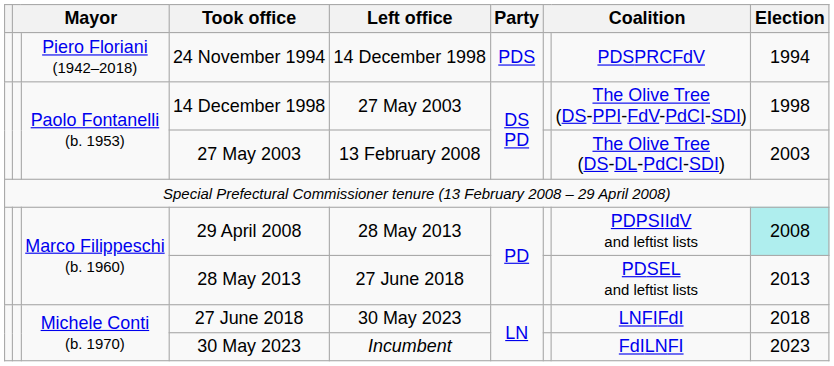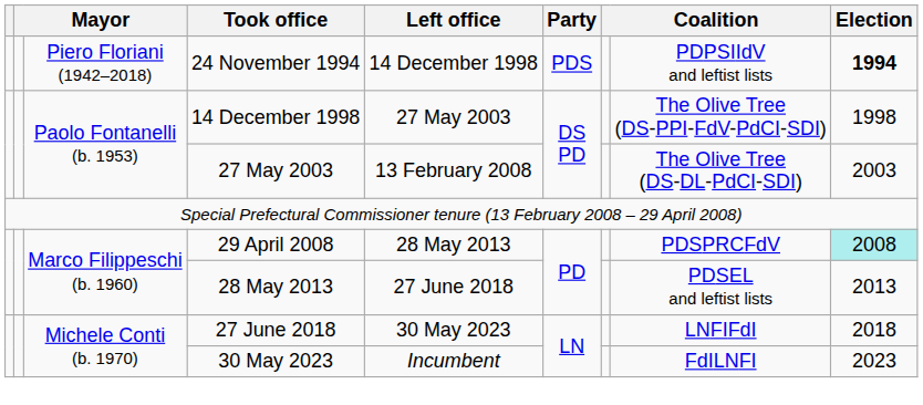 <table class="wikitable" style="text-align: center;">
 <tr>
 <th><br></th>
 <th colspan="2">Mayor</th>
 <th>Took office</th>
 <th>Left office</th>
 <th>Party</th>
 <th colspan="2">Coalition</th>
 <th>Election</th>
 </tr>
 <tr>
 <td style="background: "><strong></strong></td>
 <td></td>
 <td><a href='#'>Piero Floriani</a><br><small>(1942–2018)</small></td>
 <td>24 November 1994</td>
 <td>14 December 1998</td>
 <td><a href='#'>PDS</a></td>
 <td style="background: "></td>
-<td><a href='#'>PDS</a><a href='#'>PRC</a><a href='#'>FdV</a></td>
-<td>1994</td>
+<td><a href='#'>PD</a><a href='#'>PSI</a><a href='#'>IdV</a><br><small>and leftist lists</small></td>
+<td><strong>1994</strong></td>
 </tr>
 <tr>
 <td rowspan="2" style="background: "><strong></strong></td>
 <td rowspan="2"></td>
 <td rowspan="2"><a href='#'>Paolo Fontanelli</a><br><small>(b. 1953)</small></td>
 <td>14 December 1998</td>
 <td>27 May 2003</td>
 <td rowspan="2"><a href='#'>DS</a><br><a href='#'>PD</a></td>
 <td style="background: "></td>
 <td><a href='#'>The Olive Tree</a><br>(<a href='#'>DS</a>-<a href='#'>PPI</a>-<a href='#'>FdV</a>-<a href='#'>PdCI</a>-<a href='#'>SDI</a>)</td>
 <td>1998</td>
 </tr>
 <tr>
 <td>27 May 2003</td>
 <td>13 February 2008</td>
 <td style="background: "></td>
 <td><a href='#'>The Olive Tree</a><br>(<a href='#'>DS</a>-<a href='#'>DL</a>-<a href='#'>PdCI</a>-<a href='#'>SDI</a>)</td>
 <td>2003</td>
 </tr>
 <tr>
 <td colspan="9"><small><em>Special Prefectural Commissioner tenure (13 February 2008 – 29 April 2008)</em></small></td>
 </tr>
 <tr>
 <td rowspan="2" style="background: "><strong></strong></td>
 <td rowspan="2"></td>
 <td rowspan="2"><a href='#'>Marco Filippeschi</a><br><small>(b. 1960)</small></td>
 <td>29 April 2008</td>
 <td>28 May 2013</td>
 <td rowspan="2"><a href='#'>PD</a></td>
 <td style="background: "></td>
-<td><a href='#'>PD</a><a href='#'>PSI</a><a href='#'>IdV</a><br><small>and leftist lists</small></td>
+<td><a href='#'>PDS</a><a href='#'>PRC</a><a href='#'>FdV</a></td>
 <td style="background: paleturquoise;">2008</td>
 </tr>
 <tr>
 <td>28 May 2013</td>
 <td>27 June 2018</td>
 <td style="background: "></td>
 <td><a href='#'>PD</a><a href='#'>SEL</a><br><small>and leftist lists</small></td>
 <td>2013</td>
 </tr>
 <tr>
 <td rowspan="2" style="background: "><strong></strong></td>
 <td rowspan="2"></td>
 <td rowspan="2"><a href='#'>Michele Conti</a><br><small>(b. 1970)</small></td>
 <td>27 June 2018</td>
 <td>30 May 2023</td>
 <td rowspan="2"><a href='#'>LN</a></td>
 <td style="background: "></td>
 <td><a href='#'>LN</a><a href='#'>FI</a><a href='#'>FdI</a></td>
 <td>2018</td>
 </tr>
 <tr>
 <td>30 May 2023</td>
 <td><em>Incumbent</em></td>
 <td style="background: "></td>
 <td><a href='#'>FdI</a><a href='#'>LN</a><a href='#'>FI</a></td>
 <td>2023</td>
 </tr>
 </table>
